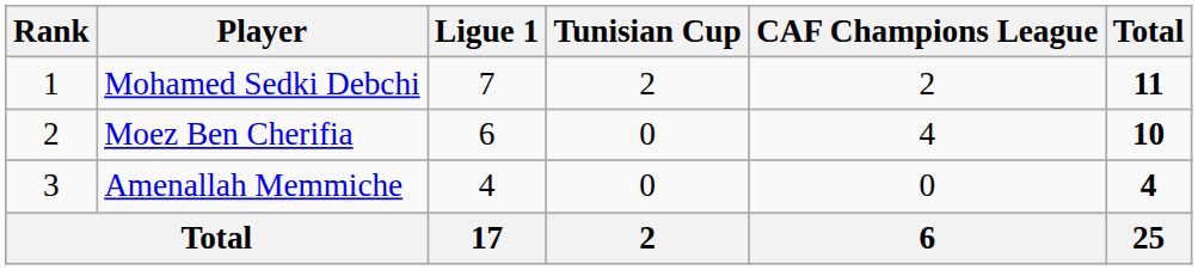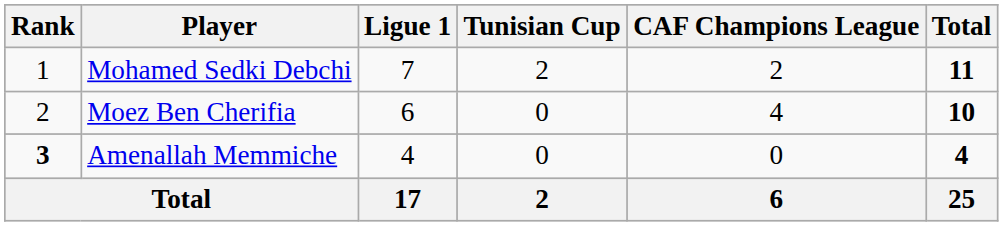 <table class="wikitable" style="text-align:center;">
 <tr>
 <th>Rank</th>
 <th>Player</th>
 <th>Ligue 1</th>
 <th>Tunisian Cup</th>
 <th>CAF Champions League</th>
 <th>Total</th>
 </tr>
 <tr>
 <td rowspan="1">1</td>
 <td align=left> <a href='#'>Mohamed Sedki Debchi</a></td>
 <td>7</td>
 <td>2</td>
 <td>2</td>
 <td rowspan="1"><strong>11</strong></td>
 </tr>
 <tr>
 <td rowspan="1">2</td>
 <td align=left> <a href='#'>Moez Ben Cherifia</a></td>
 <td>6</td>
 <td>0</td>
 <td>4</td>
 <td rowspan="1"><strong>10</strong></td>
 </tr>
 <tr>
-<td rowspan="1">3</td>
+<td rowspan="1"><strong>3</strong></td>
 <td align=left> <a href='#'>Amenallah Memmiche</a></td>
 <td>4</td>
 <td>0</td>
 <td>0</td>
 <td rowspan="1"><strong>4</strong></td>
 </tr>
 <tr>
 <th colspan=2>Total</th>
 <th>17</th>
 <th>2</th>
 <th>6</th>
 <th>25</th>
 </tr>
 </table>
